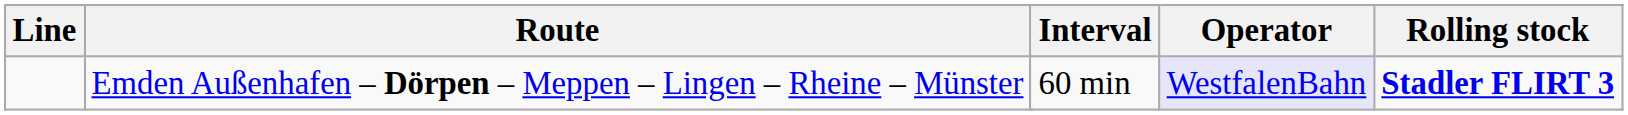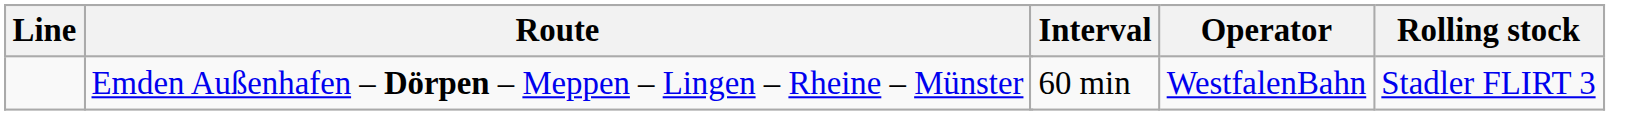 <table class="wikitable">
 <tr>
 <th>Line</th>
 <th colspan="3">Route</th>
 <th>Interval</th>
 <th>Operator</th>
 <th>Rolling stock</th>
 </tr>
 <tr>
 <td></td>
 <td colspan="3"><a href='#'>Emden Außenhafen</a> – <strong>Dörpen</strong> – <a href='#'>Meppen</a> – <a href='#'>Lingen</a> – <a href='#'>Rheine</a> – <a href='#'>Münster</a></td>
 <td>60 min</td>
-<td style="background: lavender;"><a href='#'>WestfalenBahn</a></td>
-<td><strong><a href='#'>Stadler FLIRT 3</a></strong></td>
+<td><a href='#'>WestfalenBahn</a></td>
+<td><a href='#'>Stadler FLIRT 3</a></td>
 </tr>
 </table>
